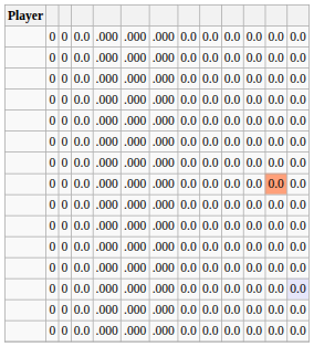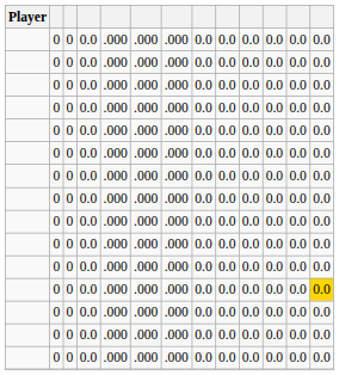 <table class="wikitable sortable" style="font-size:95%; text-align:right">
 <tr>
 <th>Player</th>
 <th></th>
 <th></th>
 <th></th>
 <th></th>
 <th></th>
 <th></th>
 <th></th>
 <th></th>
 <th></th>
 <th></th>
 <th></th>
 <th></th>
 </tr>
 <tr>
 <td><strong></strong></td>
 <td>0</td>
 <td>0</td>
 <td>0.0</td>
 <td>.000</td>
 <td>.000</td>
 <td>.000</td>
 <td>0.0</td>
 <td>0.0</td>
 <td>0.0</td>
 <td>0.0</td>
 <td>0.0</td>
 <td>0.0</td>
 </tr>
 <tr>
 <td><strong></strong></td>
 <td>0</td>
 <td>0</td>
 <td>0.0</td>
 <td>.000</td>
 <td>.000</td>
 <td>.000</td>
 <td>0.0</td>
 <td>0.0</td>
 <td>0.0</td>
 <td>0.0</td>
 <td>0.0</td>
 <td>0.0</td>
 </tr>
 <tr>
 <td><strong></strong></td>
 <td>0</td>
 <td>0</td>
 <td>0.0</td>
 <td>.000</td>
 <td>.000</td>
 <td>.000</td>
 <td>0.0</td>
 <td>0.0</td>
 <td>0.0</td>
 <td>0.0</td>
 <td>0.0</td>
 <td>0.0</td>
 </tr>
 <tr>
 <td><strong></strong></td>
 <td>0</td>
 <td>0</td>
 <td>0.0</td>
 <td>.000</td>
 <td>.000</td>
 <td>.000</td>
 <td>0.0</td>
 <td>0.0</td>
 <td>0.0</td>
 <td>0.0</td>
 <td>0.0</td>
 <td>0.0</td>
 </tr>
 <tr>
 <td><strong></strong></td>
 <td>0</td>
 <td>0</td>
 <td>0.0</td>
 <td>.000</td>
 <td>.000</td>
 <td>.000</td>
 <td>0.0</td>
 <td>0.0</td>
 <td>0.0</td>
 <td>0.0</td>
 <td>0.0</td>
 <td>0.0</td>
 </tr>
 <tr>
 <td><strong></strong></td>
 <td>0</td>
 <td>0</td>
 <td>0.0</td>
 <td>.000</td>
 <td>.000</td>
 <td>.000</td>
 <td>0.0</td>
 <td>0.0</td>
 <td>0.0</td>
 <td>0.0</td>
 <td>0.0</td>
 <td>0.0</td>
 </tr>
 <tr>
 <td><strong></strong></td>
 <td>0</td>
 <td>0</td>
 <td>0.0</td>
 <td>.000</td>
 <td>.000</td>
 <td>.000</td>
 <td>0.0</td>
 <td>0.0</td>
 <td>0.0</td>
 <td>0.0</td>
 <td>0.0</td>
 <td>0.0</td>
 </tr>
 <tr>
 <td><strong></strong></td>
 <td>0</td>
 <td>0</td>
 <td>0.0</td>
 <td>.000</td>
 <td>.000</td>
 <td>.000</td>
 <td>0.0</td>
 <td>0.0</td>
 <td>0.0</td>
 <td>0.0</td>
-<td style="background: lightsalmon;">0.0</td>
-<td>0.0</td>
-</tr>
-<tr>
-<td><strong></strong></td>
-<td>0</td>
-<td>0</td>
-<td>0.0</td>
-<td>.000</td>
-<td>.000</td>
-<td>.000</td>
-<td>0.0</td>
-<td>0.0</td>
-<td>0.0</td>
-<td>0.0</td>
 <td>0.0</td>
 <td>0.0</td>
 </tr>
 <tr>
 <td><strong></strong></td>
 <td>0</td>
 <td>0</td>
 <td>0.0</td>
 <td>.000</td>
 <td>.000</td>
 <td>.000</td>
 <td>0.0</td>
 <td>0.0</td>
 <td>0.0</td>
 <td>0.0</td>
 <td>0.0</td>
 <td>0.0</td>
 </tr>
 <tr>
 <td><strong></strong></td>
 <td>0</td>
 <td>0</td>
 <td>0.0</td>
 <td>.000</td>
 <td>.000</td>
 <td>.000</td>
 <td>0.0</td>
 <td>0.0</td>
 <td>0.0</td>
 <td>0.0</td>
 <td>0.0</td>
 <td>0.0</td>
 </tr>
 <tr>
 <td><strong></strong></td>
 <td>0</td>
 <td>0</td>
 <td>0.0</td>
 <td>.000</td>
 <td>.000</td>
 <td>.000</td>
 <td>0.0</td>
 <td>0.0</td>
 <td>0.0</td>
 <td>0.0</td>
 <td>0.0</td>
 <td>0.0</td>
 </tr>
 <tr>
 <td><strong></strong></td>
 <td>0</td>
 <td>0</td>
 <td>0.0</td>
 <td>.000</td>
 <td>.000</td>
 <td>.000</td>
 <td>0.0</td>
 <td>0.0</td>
 <td>0.0</td>
 <td>0.0</td>
 <td>0.0</td>
-<td style="background: lavender;">0.0</td>
+<td style="background: gold;">0.0</td>
+</tr>
+<tr>
+<td><strong></strong></td>
+<td>0</td>
+<td>0</td>
+<td>0.0</td>
+<td>.000</td>
+<td>.000</td>
+<td>.000</td>
+<td>0.0</td>
+<td>0.0</td>
+<td>0.0</td>
+<td>0.0</td>
+<td>0.0</td>
+<td>0.0</td>
 </tr>
 <tr>
 <td><strong></strong></td>
 <td>0</td>
 <td>0</td>
 <td>0.0</td>
 <td>.000</td>
 <td>.000</td>
 <td>.000</td>
 <td>0.0</td>
 <td>0.0</td>
 <td>0.0</td>
 <td>0.0</td>
 <td>0.0</td>
 <td>0.0</td>
 </tr>
 <tr>
 <td><strong></strong></td>
 <td>0</td>
 <td>0</td>
 <td>0.0</td>
 <td>.000</td>
 <td>.000</td>
 <td>.000</td>
 <td>0.0</td>
 <td>0.0</td>
 <td>0.0</td>
 <td>0.0</td>
 <td>0.0</td>
 <td>0.0</td>
 </tr>
 <tr>
 </tr>
 </table>
